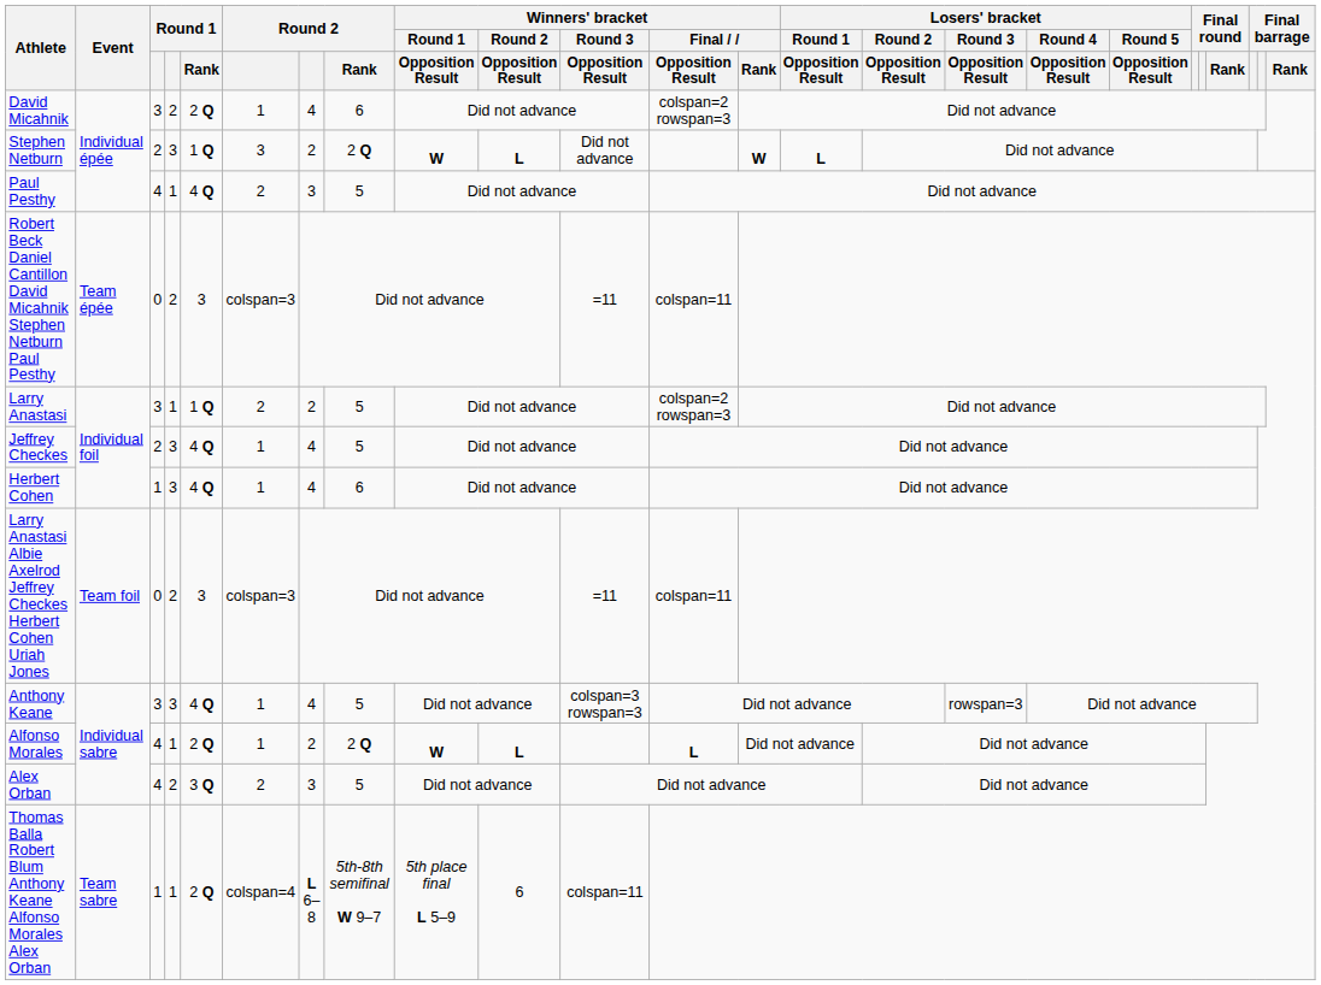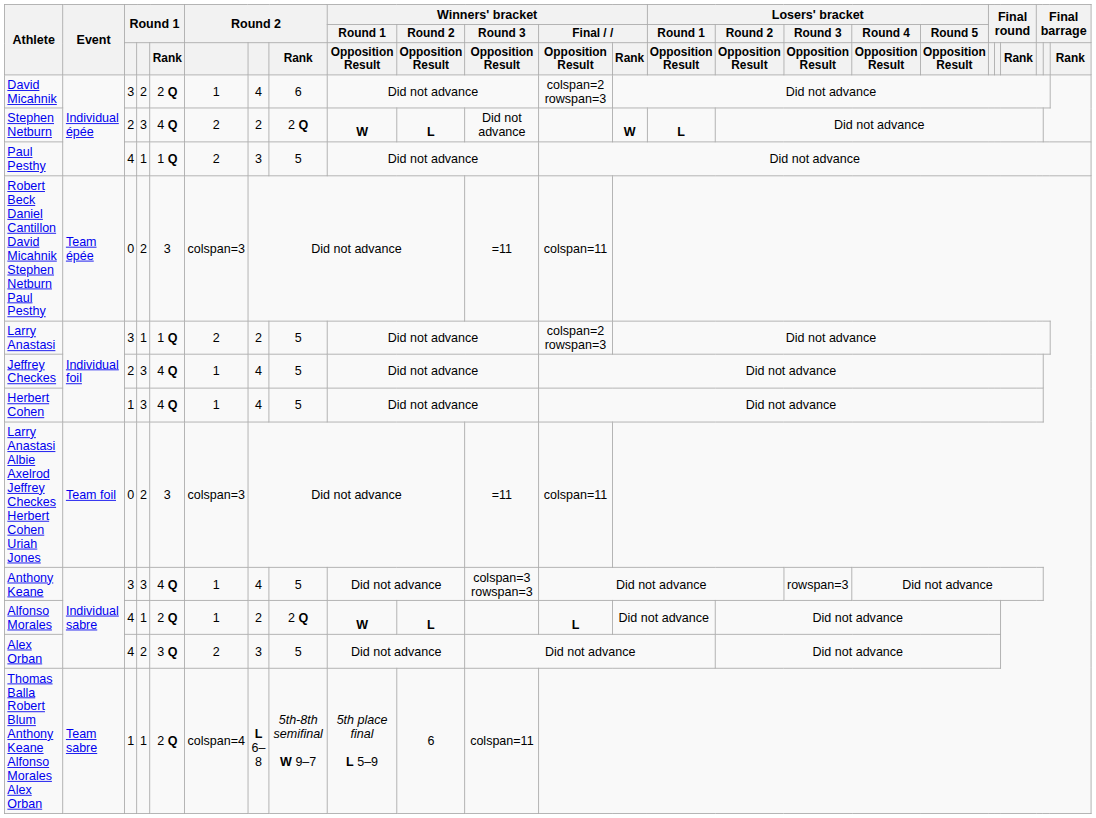 <table class=wikitable style=font-size:90%;text-align:center>
 <tr>
 <th rowspan=3>Athlete</th>
 <th rowspan=3>Event</th>
 <th colspan=3 rowspan=2>Round 1</th>
 <th colspan=3 rowspan=2>Round 2</th>
 <th colspan=5>Winners' bracket</th>
 <th colspan=5>Losers' bracket</th>
 <th colspan=3 rowspan=2>Final round</th>
 <th colspan=3 rowspan=2>Final barrage</th>
 </tr>
 <tr style=font-size:95%>
 <th>Round 1</th>
 <th>Round 2</th>
 <th>Round 3</th>
 <th colspan=2>Final /  / </th>
 <th>Round 1</th>
 <th>Round 2</th>
 <th>Round 3</th>
 <th>Round 4</th>
 <th>Round 5</th>
 </tr>
 <tr style=font-size:95%>
 <th></th>
 <th></th>
 <th>Rank</th>
 <th></th>
 <th></th>
 <th>Rank</th>
 <th>Opposition<br>Result</th>
 <th>Opposition<br>Result</th>
 <th>Opposition<br>Result</th>
 <th>Opposition<br>Result</th>
 <th>Rank</th>
 <th>Opposition<br>Result</th>
 <th>Opposition<br>Result</th>
 <th>Opposition<br>Result</th>
 <th>Opposition<br>Result</th>
 <th>Opposition<br>Result</th>
 <th></th>
 <th></th>
 <th>Rank</th>
 <th></th>
 <th></th>
 <th>Rank</th>
 </tr>
 <tr>
 <td align=left><a href='#'>David Micahnik</a></td>
 <td align=left rowspan=3><a href='#'>Individual épée</a></td>
 <td>3</td>
 <td>2</td>
 <td>2 <strong>Q</strong></td>
 <td>1</td>
 <td>4</td>
 <td>6</td>
 <td colspan=3>Did not advance</td>
 <td>colspan=2 rowspan=3 </td>
 <td colspan=11>Did not advance</td>
 </tr>
 <tr>
 <td align=left><a href='#'>Stephen Netburn</a></td>
 <td>2</td>
 <td>3</td>
-<td>1 <strong>Q</strong></td>
-<td>3</td>
+<td>4 <strong>Q</strong></td>
+<td>2</td>
 <td>2</td>
 <td>2 <strong>Q</strong></td>
 <td><br><strong>W</strong></td>
 <td><br><strong>L</strong></td>
 <td>Did not advance</td>
 <td></td>
 <td><br><strong>W</strong></td>
 <td><br><strong>L</strong></td>
 <td colspan=8>Did not advance</td>
 </tr>
 <tr>
 <td align=left><a href='#'>Paul Pesthy</a></td>
 <td>4</td>
 <td>1</td>
-<td>4 <strong>Q</strong></td>
+<td>1 <strong>Q</strong></td>
 <td>2</td>
 <td>3</td>
 <td>5</td>
 <td colspan=3>Did not advance</td>
 <td colspan=15>Did not advance</td>
 </tr>
 <tr>
 <td align=left><a href='#'>Robert Beck</a><br><a href='#'>Daniel Cantillon</a><br><a href='#'>David Micahnik</a><br><a href='#'>Stephen Netburn</a><br><a href='#'>Paul Pesthy</a></td>
 <td align=left><a href='#'>Team épée</a></td>
 <td>0</td>
 <td>2</td>
 <td>3</td>
 <td>colspan=3 </td>
 <td colspan=4>Did not advance</td>
 <td>=11</td>
 <td>colspan=11 </td>
 </tr>
 <tr>
 <td align=left><a href='#'>Larry Anastasi</a></td>
 <td align=left rowspan=3><a href='#'>Individual foil</a></td>
 <td>3</td>
 <td>1</td>
 <td>1 <strong>Q</strong></td>
 <td>2</td>
 <td>2</td>
 <td>5</td>
 <td colspan=3>Did not advance</td>
 <td>colspan=2 rowspan=3 </td>
 <td colspan=11>Did not advance</td>
 </tr>
 <tr>
 <td align=left><a href='#'>Jeffrey Checkes</a></td>
 <td>2</td>
 <td>3</td>
 <td>4 <strong>Q</strong></td>
 <td>1</td>
 <td>4</td>
 <td>5</td>
 <td colspan=3>Did not advance</td>
 <td colspan=11>Did not advance</td>
 </tr>
 <tr>
 <td align=left><a href='#'>Herbert Cohen</a></td>
 <td>1</td>
 <td>3</td>
 <td>4 <strong>Q</strong></td>
 <td>1</td>
 <td>4</td>
-<td>6</td>
+<td>5</td>
 <td colspan=3>Did not advance</td>
 <td colspan=11>Did not advance</td>
 </tr>
 <tr>
 <td align=left><a href='#'>Larry Anastasi</a><br><a href='#'>Albie Axelrod</a><br><a href='#'>Jeffrey Checkes</a><br><a href='#'>Herbert Cohen</a><br><a href='#'>Uriah Jones</a></td>
 <td align=left><a href='#'>Team foil</a></td>
 <td>0</td>
 <td>2</td>
 <td>3</td>
 <td>colspan=3 </td>
 <td colspan=4>Did not advance</td>
 <td>=11</td>
 <td>colspan=11 </td>
 </tr>
 <tr>
 <td align=left><a href='#'>Anthony Keane</a></td>
 <td align=left rowspan=3><a href='#'>Individual sabre</a></td>
 <td>3</td>
 <td>3</td>
 <td>4 <strong>Q</strong></td>
 <td>1</td>
 <td>4</td>
 <td>5</td>
 <td colspan=2>Did not advance</td>
 <td>colspan=3 rowspan=3 </td>
 <td colspan=4>Did not advance</td>
 <td>rowspan=3 </td>
 <td colspan=6>Did not advance</td>
 </tr>
 <tr>
 <td align=left><a href='#'>Alfonso Morales</a></td>
 <td>4</td>
 <td>1</td>
 <td>2 <strong>Q</strong></td>
 <td>1</td>
 <td>2</td>
 <td>2 <strong>Q</strong></td>
 <td><br><strong>W</strong></td>
 <td><br><strong>L</strong></td>
 <td></td>
 <td><br><strong>L</strong></td>
 <td colspan=2>Did not advance</td>
 <td colspan=6>Did not advance</td>
 </tr>
 <tr>
 <td align=left><a href='#'>Alex Orban</a></td>
 <td>4</td>
 <td>2</td>
 <td>3 <strong>Q</strong></td>
 <td>2</td>
 <td>3</td>
 <td>5</td>
 <td colspan=2>Did not advance</td>
 <td colspan=4>Did not advance</td>
 <td colspan=6>Did not advance</td>
 </tr>
 <tr>
 <td align=left><a href='#'>Thomas Balla</a><br><a href='#'>Robert Blum</a><br><a href='#'>Anthony Keane</a><br><a href='#'>Alfonso Morales</a><br><a href='#'>Alex Orban</a></td>
 <td align=left><a href='#'>Team sabre</a></td>
 <td>1</td>
 <td>1</td>
 <td>2 <strong>Q</strong></td>
 <td>colspan=4 </td>
 <td><br><strong>L</strong> 6–8</td>
 <td><em>5th-8th semifinal</em><br><br><strong>W</strong> 9–7</td>
 <td><em>5th place final</em><br><br><strong>L</strong> 5–9</td>
 <td>6</td>
 <td>colspan=11 </td>
 </tr>
 </table>
